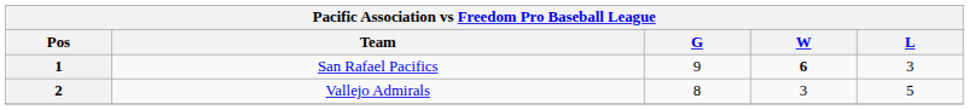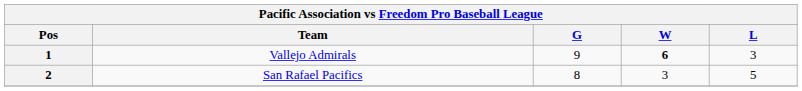 <table class="wikitable"  style="width:50%; text-align:center;">
 <tr>
 <th colspan="6">Pacific Association vs <a href='#'>Freedom Pro Baseball League</a></th>
 </tr>
 <tr>
 <th scope="col" width="5%">Pos</th>
 <th scope="col" width="25%">Team</th>
 <th scope="col" width="5%"><a href='#'>G</a></th>
 <th scope="col" width="5%"><a href='#'>W</a></th>
 <th scope="col" width="5%"><a href='#'>L</a></th>
 </tr>
 <tr>
 <th>1</th>
-<td style="text-align:center;"><a href='#'>San Rafael Pacifics</a></td>
+<td style="text-align:center;"><a href='#'>Vallejo Admirals</a></td>
 <td>9</td>
 <td><strong>6</strong></td>
 <td>3</td>
 </tr>
 <tr>
 <th>2</th>
-<td style="text-align:center;"><a href='#'>Vallejo Admirals</a></td>
+<td style="text-align:center;"><a href='#'>San Rafael Pacifics</a></td>
 <td>8</td>
 <td>3</td>
 <td>5</td>
 </tr>
 <tr>
 </tr>
 </table>
